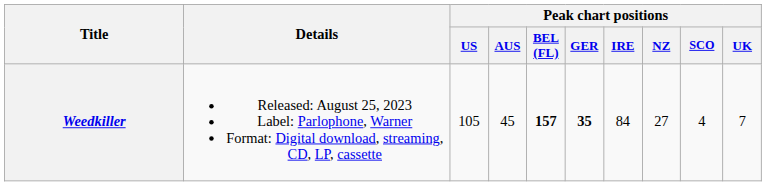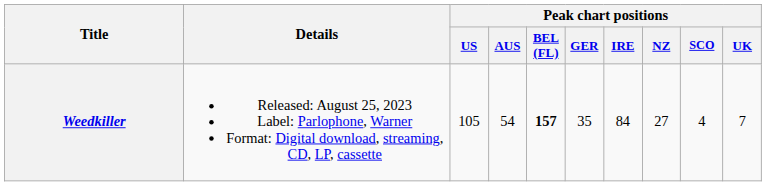 <table class="wikitable plainrowheaders" style="text-align:center;">
 <tr>
 <th scope="col" rowspan="2" style="width:12em;">Title</th>
 <th scope="col" rowspan="2" style="width:18em;">Details</th>
 <th scope="col" colspan="8">Peak chart positions</th>
 </tr>
 <tr>
 <th scope="col" style="width:2.5em;font-size:90%;"><a href='#'>US</a><br></th>
 <th scope="col" style="width:2.5em;font-size:90%;"><a href='#'>AUS</a><br></th>
 <th scope="col" style="width:2.5em;font-size:90%;"><a href='#'>BEL<br>(FL)</a><br></th>
 <th scope="col" style="width:2.5em;font-size:90%;"><a href='#'>GER</a><br></th>
 <th scope="col" style="width:2.5em;font-size:90%;"><a href='#'>IRE</a><br></th>
 <th scope="col" style="width:2.5em;font-size:90%;"><a href='#'>NZ</a><br></th>
 <th scope="col" style="width:3em;font-size:85%;"><a href='#'>SCO</a><br></th>
 <th scope="col" style="width:2.5em;font-size:90%;"><a href='#'>UK</a><br></th>
 </tr>
 <tr>
 <th scope="row"><em><a href='#'>Weedkiller</a></em></th>
 <td><br><ul><li>Released: August 25, 2023</li><li>Label: <a href='#'>Parlophone</a>, <a href='#'>Warner</a></li><li>Format: <a href='#'>Digital download</a>, <a href='#'>streaming</a>, <a href='#'>CD</a>, <a href='#'>LP</a>, <a href='#'>cassette</a></li></ul></td>
 <td>105</td>
-<td>45</td>
+<td>54</td>
 <td><strong>157</strong></td>
-<td><strong>35</strong></td>
+<td>35</td>
 <td>84</td>
 <td>27</td>
 <td>4</td>
 <td>7</td>
 </tr>
 </table>
